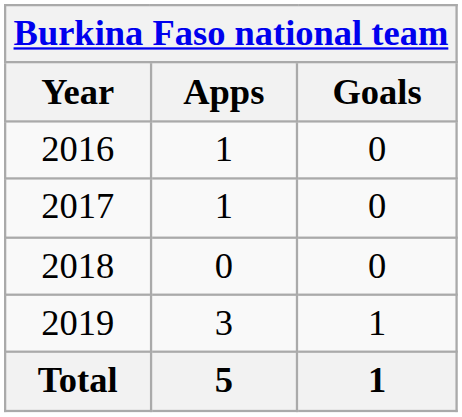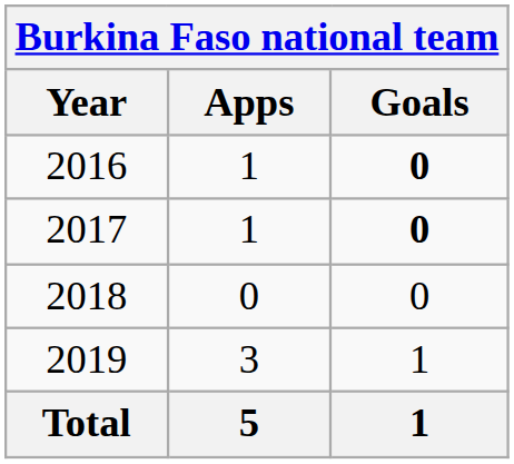 <table class="wikitable" style="text-align:center">
 <tr>
 <th colspan=3><a href='#'>Burkina Faso national team</a></th>
 </tr>
 <tr>
 <th>Year</th>
 <th>Apps</th>
 <th>Goals</th>
 </tr>
 <tr>
 <td>2016</td>
 <td>1</td>
-<td>0</td>
+<td><strong>0</strong></td>
 </tr>
 <tr>
 <td>2017</td>
 <td>1</td>
-<td>0</td>
+<td><strong>0</strong></td>
 </tr>
 <tr>
 <td>2018</td>
 <td>0</td>
 <td>0</td>
 </tr>
 <tr>
 <td>2019</td>
 <td>3</td>
 <td>1</td>
 </tr>
 <tr>
 <th>Total</th>
 <th>5</th>
 <th>1</th>
 </tr>
 </table>
